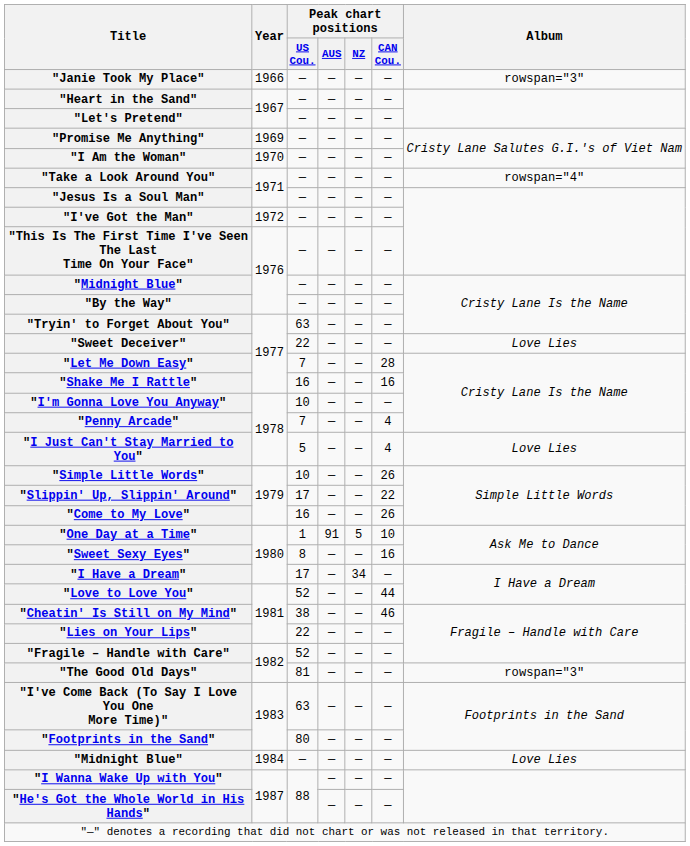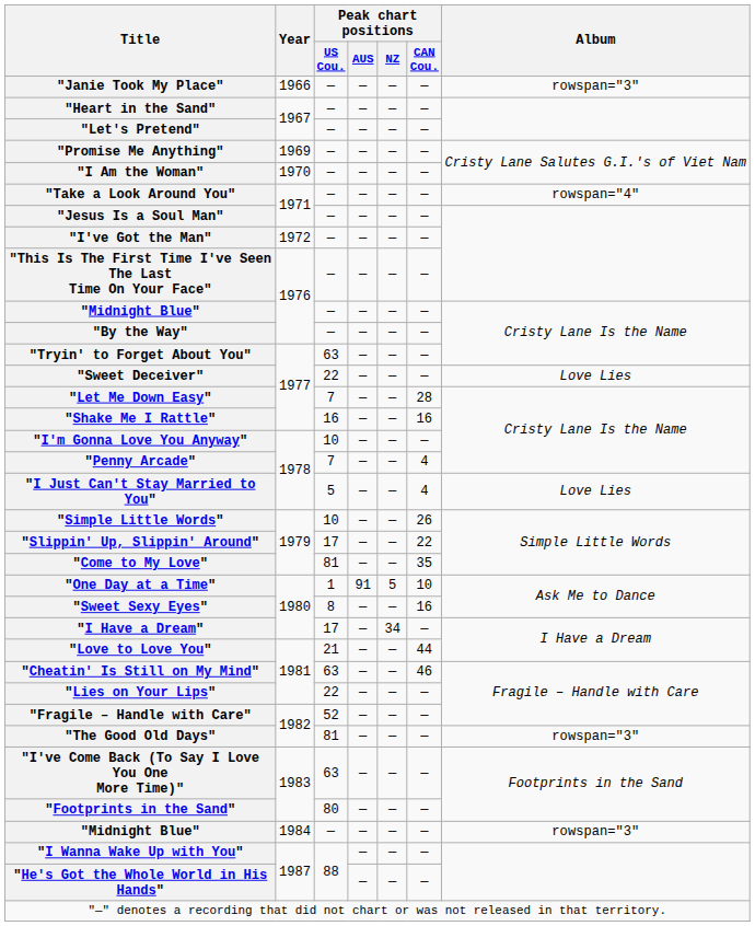 <table class="wikitable plainrowheaders" style="text-align:center;" border="1">
 <tr>
 <th scope="col" rowspan="2" style="width:20em;">Title</th>
 <th scope="col" rowspan="2">Year</th>
 <th scope="col" colspan="4">Peak chart positions</th>
 <th scope="col" rowspan="2">Album</th>
 </tr>
 <tr>
 <th scope="col" style="width:2em;font-size:90%;"><a href='#'>US<br>Cou.</a><br></th>
 <th scope="col" style="width:2em;font-size:90%;"><a href='#'>AUS</a><br></th>
 <th scope="col" style="width:2em;font-size:90%;"><a href='#'>NZ</a><br></th>
 <th scope="col" style="width:2em;font-size:90%;"><a href='#'>CAN<br>Cou.</a><br></th>
 </tr>
 <tr>
 <th scope="row">"Janie Took My Place"</th>
 <td>1966</td>
 <td>—</td>
 <td>—</td>
 <td>—</td>
 <td>—</td>
 <td>rowspan="3" </td>
 </tr>
 <tr>
 <th scope="row">"Heart in the Sand"</th>
 <td rowspan="2">1967</td>
 <td>—</td>
 <td>—</td>
 <td>—</td>
 <td>—</td>
 </tr>
 <tr>
 <th scope="row">"Let's Pretend"</th>
 <td>—</td>
 <td>—</td>
 <td>—</td>
 <td>—</td>
 </tr>
 <tr>
 <th scope="row">"Promise Me Anything"</th>
 <td>1969</td>
 <td>—</td>
 <td>—</td>
 <td>—</td>
 <td>—</td>
 <td rowspan="2"><em>Cristy Lane Salutes G.I.'s of Viet Nam</em></td>
 </tr>
 <tr>
 <th scope="row">"I Am the Woman"</th>
 <td>1970</td>
 <td>—</td>
 <td>—</td>
 <td>—</td>
 <td>—</td>
 </tr>
 <tr>
 <th scope="row">"Take a Look Around You"</th>
 <td rowspan="2">1971</td>
 <td>—</td>
 <td>—</td>
 <td>—</td>
 <td>—</td>
 <td>rowspan="4" </td>
 </tr>
 <tr>
 <th scope="row">"Jesus Is a Soul Man"</th>
 <td>—</td>
 <td>—</td>
 <td>—</td>
 <td>—</td>
 </tr>
 <tr>
 <th scope="row">"I've Got the Man"</th>
 <td>1972</td>
 <td>—</td>
 <td>—</td>
 <td>—</td>
 <td>—</td>
 </tr>
 <tr>
 <th scope="row">"This Is The First Time I've Seen The Last<br>Time On Your Face"</th>
 <td rowspan="3">1976</td>
 <td>—</td>
 <td>—</td>
 <td>—</td>
 <td>—</td>
 </tr>
 <tr>
 <th scope="row">"<a href='#'>Midnight Blue</a>"</th>
 <td>—</td>
 <td>—</td>
 <td>—</td>
 <td>—</td>
 <td rowspan="3"><em>Cristy Lane Is the Name</em></td>
 </tr>
 <tr>
 <th scope="row">"By the Way"</th>
 <td>—</td>
 <td>—</td>
 <td>—</td>
 <td>—</td>
 </tr>
 <tr>
 <th scope="row">"Tryin' to Forget About You"</th>
 <td rowspan="4">1977</td>
 <td>63</td>
 <td>—</td>
 <td>—</td>
 <td>—</td>
 </tr>
 <tr>
 <th scope="row">"Sweet Deceiver"</th>
 <td>22</td>
 <td>—</td>
 <td>—</td>
 <td>—</td>
 <td><em>Love Lies</em></td>
 </tr>
 <tr>
 <th scope="row">"<a href='#'>Let Me Down Easy</a>"</th>
 <td>7</td>
 <td>—</td>
 <td>—</td>
 <td>28</td>
 <td rowspan="4"><em>Cristy Lane Is the Name</em></td>
 </tr>
 <tr>
 <th scope="row">"<a href='#'>Shake Me I Rattle</a>"</th>
 <td>16</td>
 <td>—</td>
 <td>—</td>
 <td>16</td>
 </tr>
 <tr>
 <th scope="row">"<a href='#'>I'm Gonna Love You Anyway</a>"</th>
 <td rowspan="3">1978</td>
 <td>10</td>
 <td>—</td>
 <td>—</td>
 <td>—</td>
 </tr>
 <tr>
 <th scope="row">"<a href='#'>Penny Arcade</a>"</th>
 <td>7</td>
 <td>—</td>
 <td>—</td>
 <td>4</td>
 </tr>
 <tr>
 <th scope="row">"<a href='#'>I Just Can't Stay Married to You</a>"</th>
 <td>5</td>
 <td>—</td>
 <td>—</td>
 <td>4</td>
 <td><em>Love Lies</em></td>
 </tr>
 <tr>
 <th scope="row">"<a href='#'>Simple Little Words</a>"</th>
 <td rowspan="3">1979</td>
 <td>10</td>
 <td>—</td>
 <td>—</td>
 <td>26</td>
 <td rowspan="3"><em>Simple Little Words</em></td>
 </tr>
 <tr>
 <th scope="row">"<a href='#'>Slippin' Up, Slippin' Around</a>"</th>
 <td>17</td>
 <td>—</td>
 <td>—</td>
 <td>22</td>
 </tr>
 <tr>
 <th scope="row">"<a href='#'>Come to My Love</a>"</th>
-<td>16</td>
+<td>81</td>
 <td>—</td>
 <td>—</td>
-<td>26</td>
+<td>35</td>
 </tr>
 <tr>
 <th scope="row">"<a href='#'>One Day at a Time</a>"</th>
 <td rowspan="3">1980</td>
 <td>1</td>
 <td>91</td>
 <td>5</td>
 <td>10</td>
 <td rowspan="2"><em>Ask Me to Dance</em></td>
 </tr>
 <tr>
 <th scope="row">"<a href='#'>Sweet Sexy Eyes</a>"</th>
 <td>8</td>
 <td>—</td>
 <td>—</td>
 <td>16</td>
 </tr>
 <tr>
 <th scope="row">"<a href='#'>I Have a Dream</a>"</th>
 <td>17</td>
 <td>—</td>
 <td>34</td>
 <td>—</td>
 <td rowspan="2"><em>I Have a Dream</em></td>
 </tr>
 <tr>
 <th scope="row">"<a href='#'>Love to Love You</a>"</th>
 <td rowspan="3">1981</td>
-<td>52</td>
+<td>21</td>
 <td>—</td>
 <td>—</td>
 <td>44</td>
 </tr>
 <tr>
 <th scope="row">"<a href='#'>Cheatin' Is Still on My Mind</a>"</th>
-<td>38</td>
+<td>63</td>
 <td>—</td>
 <td>—</td>
 <td>46</td>
 <td rowspan="3"><em>Fragile – Handle with Care</em></td>
 </tr>
 <tr>
 <th scope="row">"<a href='#'>Lies on Your Lips</a>"</th>
 <td>22</td>
 <td>—</td>
 <td>—</td>
 <td>—</td>
 </tr>
 <tr>
 <th scope="row">"Fragile – Handle with Care"</th>
 <td rowspan="2">1982</td>
 <td>52</td>
 <td>—</td>
 <td>—</td>
 <td>—</td>
 </tr>
 <tr>
 <th scope="row">"The Good Old Days"</th>
 <td>81</td>
 <td>—</td>
 <td>—</td>
 <td>—</td>
 <td>rowspan="3" </td>
 </tr>
 <tr>
 <th scope="row">"I've Come Back (To Say I Love You One<br>More Time)"</th>
 <td rowspan="2">1983</td>
 <td>63</td>
 <td>—</td>
 <td>—</td>
 <td>—</td>
 <td rowspan="2"><em>Footprints in the Sand</em></td>
 </tr>
 <tr>
 <th scope="row">"<a href='#'>Footprints in the Sand</a>"</th>
 <td>80</td>
 <td>—</td>
 <td>—</td>
 <td>—</td>
 </tr>
 <tr>
 <th scope="row">"Midnight Blue" </th>
 <td>1984</td>
 <td>—</td>
 <td>—</td>
 <td>—</td>
 <td>—</td>
-<td><em>Love Lies</em></td>
+<td>rowspan="3" </td>
 </tr>
 <tr>
 <th scope="row">"<a href='#'>I Wanna Wake Up with You</a>"</th>
 <td rowspan="2">1987</td>
 <td rowspan="2">88</td>
 <td>—</td>
 <td>—</td>
 <td>—</td>
 </tr>
 <tr>
 <th scope="row">"<a href='#'>He's Got the Whole World in His Hands</a>"</th>
 <td>—</td>
 <td>—</td>
 <td>—</td>
 </tr>
 <tr>
 <td colspan="7" style="font-size:90%">"—" denotes a recording that did not chart or was not released in that territory.</td>
 </tr>
 </table>
